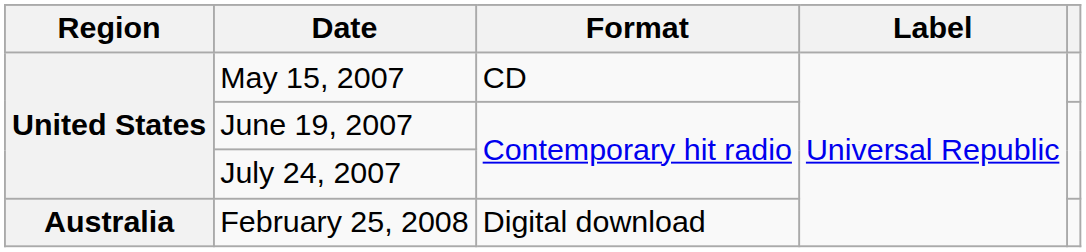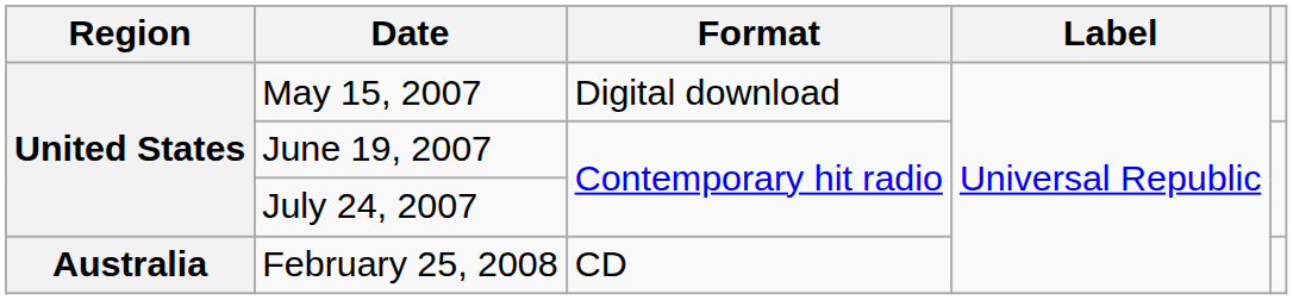 <table class="wikitable plainrowheaders">
 <tr>
 <th scope="col">Region</th>
 <th scope="col">Date</th>
 <th scope="col">Format</th>
 <th scope="col">Label</th>
 <th scope="col"></th>
 </tr>
 <tr>
 <th scope="row" rowspan="3">United States</th>
 <td>May 15, 2007</td>
-<td>CD</td>
+<td>Digital download</td>
 <td rowspan="4"><a href='#'>Universal Republic</a></td>
 <td></td>
 </tr>
 <tr>
 <td>June 19, 2007</td>
 <td rowspan="2"><a href='#'>Contemporary hit radio</a></td>
 <td rowspan="2"></td>
 </tr>
 <tr>
 <td>July 24, 2007</td>
 </tr>
 <tr>
 <th scope="row">Australia</th>
 <td>February 25, 2008</td>
-<td>Digital download</td>
+<td>CD</td>
 <td></td>
 </tr>
 </table>
